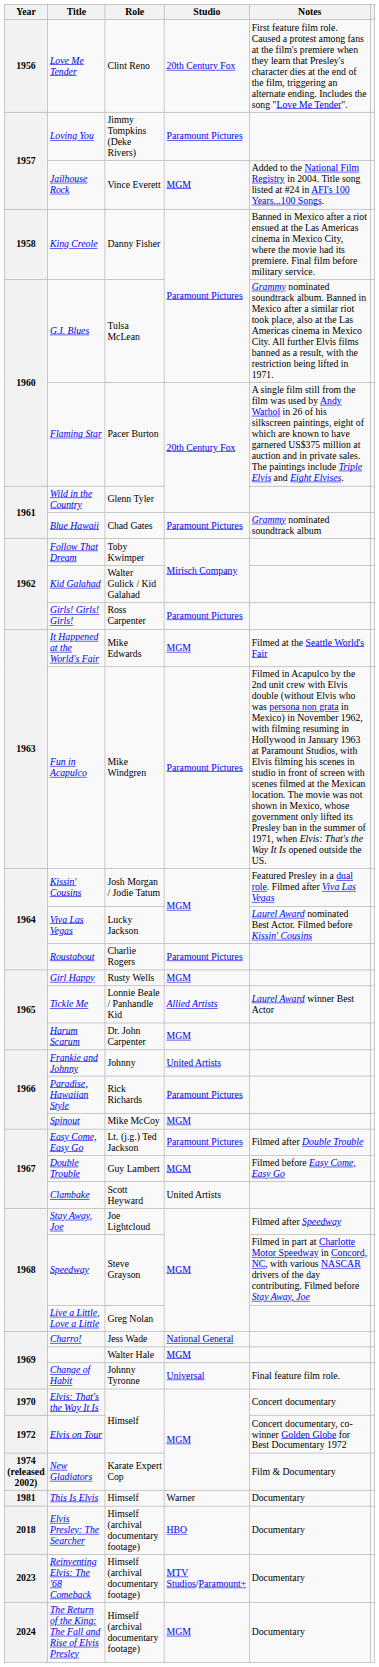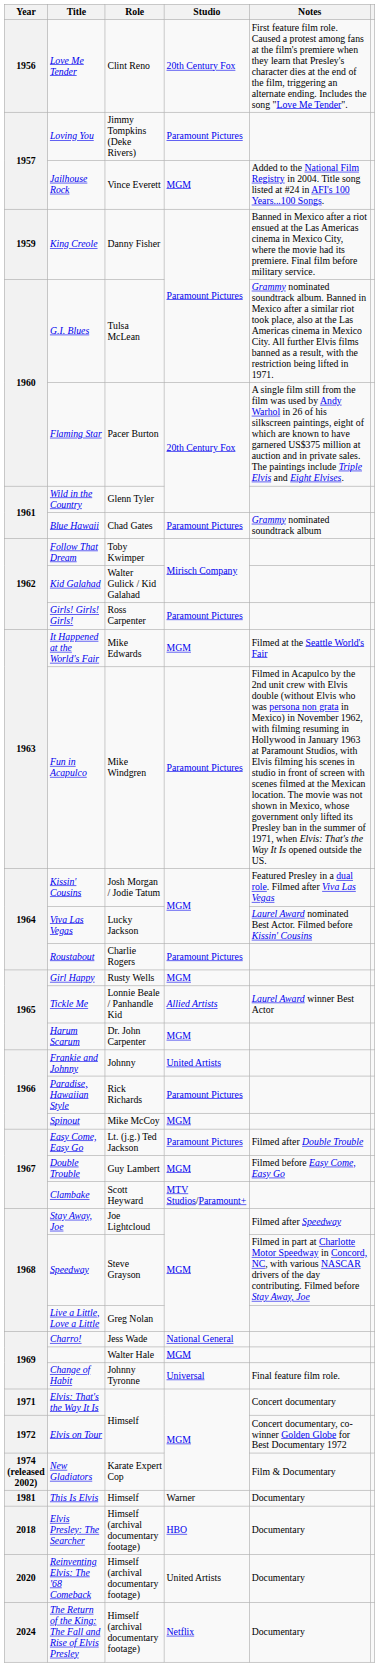 <table class="wikitable sortable plainrowheaders">
 <tr>
 <th scope="col">Year</th>
 <th scope="col">Title</th>
 <th scope="col" class="unsortable">Role</th>
 <th scope="col">Studio</th>
 <th scope="col" class="unsortable">Notes</th>
 <th scope="col" class="unsortable"></th>
 </tr>
 <tr>
 <th scope="row">1956</th>
 <td><em><a href='#'>Love Me Tender</a></em></td>
 <td>Clint Reno</td>
 <td><a href='#'>20th Century Fox</a></td>
 <td>First feature film role. Caused a protest among fans at the film's premiere when they learn that Presley's character dies at the end of the film, triggering an alternate ending. Includes the song "<a href='#'>Love Me Tender</a>".</td>
 <td align="center"></td>
 </tr>
 <tr>
 <th rowspan="2" scope="row">1957</th>
 <td><em><a href='#'>Loving You</a></em></td>
 <td>Jimmy Tompkins (Deke Rivers)</td>
 <td><a href='#'>Paramount Pictures</a></td>
 <td></td>
 <td align="center"></td>
 </tr>
 <tr>
 <td><em><a href='#'>Jailhouse Rock</a></em></td>
 <td>Vince Everett</td>
 <td><a href='#'>MGM</a></td>
 <td>Added to the <a href='#'>National Film Registry</a> in 2004. Title song listed at #24 in <a href='#'>AFI's 100 Years...100 Songs</a>.</td>
 <td align="center"></td>
 </tr>
 <tr>
-<th scope="row">1958</th>
+<th scope="row">1959</th>
 <td><em><a href='#'>King Creole</a></em></td>
 <td>Danny Fisher</td>
 <td rowspan="2"><a href='#'>Paramount Pictures</a></td>
 <td>Banned in Mexico after a riot ensued at the Las Americas cinema in Mexico City, where the movie had its premiere. Final film before military service.</td>
 <td align="center"></td>
 </tr>
 <tr>
 <th rowspan="2" scope="row">1960</th>
 <td><em><a href='#'>G.I. Blues</a></em></td>
 <td>Tulsa McLean</td>
 <td><em><a href='#'>Grammy</a></em> nominated soundtrack album. Banned in Mexico after a similar riot took place, also at the Las Americas cinema in Mexico City. All further Elvis films banned as a result, with the restriction being lifted in 1971.</td>
 <td align="center"></td>
 </tr>
 <tr>
 <td><em><a href='#'>Flaming Star</a></em></td>
 <td>Pacer Burton</td>
 <td rowspan="2"><a href='#'>20th Century Fox</a></td>
 <td>A single film still from the film was used by <a href='#'>Andy Warhol</a> in 26 of his silkscreen paintings, eight of which are known to have garnered US$375 million at auction and in private sales. The paintings include <em><a href='#'>Triple Elvis</a></em> and <em><a href='#'>Eight Elvises</a></em>.</td>
 <td align="center"></td>
 </tr>
 <tr>
 <th rowspan="2" scope="row">1961</th>
 <td><em><a href='#'>Wild in the Country</a></em></td>
 <td>Glenn Tyler</td>
 <td></td>
 <td align="center"></td>
 </tr>
 <tr>
 <td><em><a href='#'>Blue Hawaii</a></em></td>
 <td>Chad Gates</td>
 <td><a href='#'>Paramount Pictures</a></td>
 <td><em><a href='#'>Grammy</a></em> nominated soundtrack album</td>
 <td align="center"></td>
 </tr>
 <tr>
 <th rowspan="3" scope="row">1962</th>
 <td><em><a href='#'>Follow That Dream</a></em></td>
 <td>Toby Kwimper</td>
 <td rowspan="2"><a href='#'>Mirisch Company</a></td>
 <td></td>
 <td align="center"></td>
 </tr>
 <tr>
 <td><em><a href='#'>Kid Galahad</a></em></td>
 <td>Walter Gulick / Kid Galahad</td>
 <td></td>
 <td align="center"></td>
 </tr>
 <tr>
 <td><em><a href='#'>Girls! Girls! Girls!</a></em></td>
 <td>Ross Carpenter</td>
 <td><a href='#'>Paramount Pictures</a></td>
 <td></td>
 <td align="center"></td>
 </tr>
 <tr>
 <th rowspan="2" scope="row">1963</th>
 <td><em><a href='#'>It Happened at the World's Fair</a></em></td>
 <td>Mike Edwards</td>
 <td><a href='#'>MGM</a></td>
 <td>Filmed at the <a href='#'>Seattle World's Fair</a></td>
 <td align="center"></td>
 </tr>
 <tr>
 <td><em><a href='#'>Fun in Acapulco</a></em></td>
 <td>Mike Windgren</td>
 <td><a href='#'>Paramount Pictures</a></td>
 <td>Filmed in Acapulco by the 2nd unit crew with Elvis double (without Elvis who was <a href='#'>persona non grata</a> in Mexico) in November 1962, with filming resuming in Hollywood in January 1963 at Paramount Studios, with Elvis filming his scenes in studio in front of screen with scenes filmed at the Mexican location.  The movie was not shown in Mexico, whose government only lifted its Presley ban in the summer of 1971, when <em>Elvis: That's the Way It Is</em> opened outside the US.</td>
 <td align="center"></td>
 </tr>
 <tr>
 <th rowspan="3" scope="row">1964</th>
 <td><em><a href='#'>Kissin' Cousins</a></em></td>
 <td>Josh Morgan / Jodie Tatum</td>
 <td rowspan="2"><a href='#'>MGM</a></td>
 <td>Featured Presley in a <a href='#'>dual role</a>. Filmed after <em><a href='#'>Viva Las Vegas</a></em></td>
 <td align="center"></td>
 </tr>
 <tr>
 <td><em><a href='#'>Viva Las Vegas</a></em></td>
 <td>Lucky Jackson</td>
 <td><em><a href='#'>Laurel Award</a></em> nominated Best Actor. Filmed before <em><a href='#'>Kissin' Cousins</a></em></td>
 <td align="center"></td>
 </tr>
 <tr>
 <td><em><a href='#'>Roustabout</a></em></td>
 <td>Charlie Rogers</td>
 <td><a href='#'>Paramount Pictures</a></td>
 <td></td>
 <td align="center"></td>
 </tr>
 <tr>
 <th rowspan="3" scope="row">1965</th>
 <td><em><a href='#'>Girl Happy</a></em></td>
 <td>Rusty Wells</td>
 <td><a href='#'>MGM</a></td>
 <td></td>
 <td align="center"></td>
 </tr>
 <tr>
 <td><em><a href='#'>Tickle Me</a></em></td>
 <td>Lonnie Beale / Panhandle Kid</td>
 <td><em><a href='#'>Allied Artists</a></em></td>
 <td><em><a href='#'>Laurel Award</a></em> winner Best Actor</td>
 <td align="center"></td>
 </tr>
 <tr>
 <td><em><a href='#'>Harum Scarum</a></em></td>
 <td>Dr. John Carpenter</td>
 <td><a href='#'>MGM</a></td>
 <td></td>
 <td align="center"></td>
 </tr>
 <tr>
 <th rowspan="3" scope="row">1966</th>
 <td><em><a href='#'>Frankie and Johnny</a></em></td>
 <td>Johnny</td>
 <td><a href='#'>United Artists</a></td>
 <td></td>
 <td align="center"></td>
 </tr>
 <tr>
 <td><em><a href='#'>Paradise, Hawaiian Style</a></em></td>
 <td>Rick Richards</td>
 <td><a href='#'>Paramount Pictures</a></td>
 <td></td>
 <td align="center"></td>
 </tr>
 <tr>
 <td><em><a href='#'>Spinout</a></em></td>
 <td>Mike McCoy</td>
 <td><a href='#'>MGM</a></td>
 <td></td>
 <td align="center"></td>
 </tr>
 <tr>
 <th rowspan="3" scope="row">1967</th>
 <td><em><a href='#'>Easy Come, Easy Go</a></em></td>
 <td>Lt. (j.g.) Ted Jackson</td>
 <td><a href='#'>Paramount Pictures</a></td>
 <td>Filmed after <em><a href='#'>Double Trouble</a></em></td>
 <td align="center"></td>
 </tr>
 <tr>
 <td><em><a href='#'>Double Trouble</a></em></td>
 <td>Guy Lambert</td>
 <td><a href='#'>MGM</a></td>
 <td>Filmed before <em><a href='#'>Easy Come, Easy Go</a></em></td>
 <td align="center"></td>
 </tr>
 <tr>
 <td><em><a href='#'>Clambake</a></em></td>
 <td>Scott Heyward</td>
-<td>United Artists</td>
+<td><a href='#'>MTV Studios</a>/<a href='#'>Paramount+</a></td>
 <td></td>
 <td align="center"></td>
 </tr>
 <tr>
 <th rowspan="3" scope="row">1968</th>
 <td><em><a href='#'>Stay Away, Joe</a></em></td>
 <td>Joe Lightcloud</td>
 <td rowspan="3"><a href='#'>MGM</a></td>
 <td>Filmed after <em><a href='#'>Speedway</a></em></td>
 <td align="center"></td>
 </tr>
 <tr>
 <td><em><a href='#'>Speedway</a></em></td>
 <td>Steve Grayson</td>
 <td>Filmed in part at <a href='#'>Charlotte Motor Speedway</a> in <a href='#'>Concord, NC</a>, with various <a href='#'>NASCAR</a> drivers of the day contributing. Filmed before <em><a href='#'>Stay Away, Joe</a></em></td>
 <td align="center"></td>
 </tr>
 <tr>
 <td><em><a href='#'>Live a Little, Love a Little</a></em></td>
 <td>Greg Nolan</td>
 <td></td>
 <td align="center"></td>
 </tr>
 <tr>
 <th rowspan="3" scope="row">1969</th>
 <td><em><a href='#'>Charro!</a></em></td>
 <td>Jess Wade</td>
 <td><a href='#'>National General</a></td>
 <td></td>
 <td align="center"></td>
 </tr>
 <tr>
 <td><em></em></td>
 <td>Walter Hale</td>
 <td><a href='#'>MGM</a></td>
 <td></td>
 <td align="center"></td>
 </tr>
 <tr>
 <td><em><a href='#'>Change of Habit</a></em></td>
 <td>Johnny Tyronne</td>
 <td><a href='#'>Universal</a></td>
 <td>Final feature film role.</td>
 <td align="center"></td>
 </tr>
 <tr>
-<th scope="row">1970</th>
+<th scope="row">1971</th>
 <td><em><a href='#'>Elvis: That's the Way It Is</a></em></td>
 <td rowspan="2">Himself</td>
 <td rowspan="3"><a href='#'>MGM</a></td>
 <td>Concert documentary</td>
 <td align="center"></td>
 </tr>
 <tr>
 <th scope="row">1972</th>
 <td><em><a href='#'>Elvis on Tour</a></em></td>
 <td>Concert documentary, co-winner <a href='#'>Golden Globe</a> for Best Documentary 1972</td>
 <td align="center"></td>
 </tr>
 <tr>
 <th scope="row">1974 (released 2002)</th>
 <td><em><a href='#'>New Gladiators</a></em></td>
 <td rowspan="1">Karate Expert Cop</td>
 <td>Film & Documentary</td>
 <td align="center"></td>
 </tr>
 <tr>
 <th scope="row">1981</th>
 <td><em><a href='#'>This Is Elvis</a></em></td>
 <td>Himself</td>
 <td>Warner</td>
 <td>Documentary</td>
 <td align="center"></td>
 </tr>
 <tr>
 <th scope="row">2018</th>
 <td><em><a href='#'>Elvis Presley: The Searcher</a></em></td>
 <td>Himself (archival documentary footage)</td>
 <td><a href='#'>HBO</a></td>
 <td>Documentary</td>
 <td align="center"></td>
 </tr>
 <tr>
-<th scope="row">2023</th>
+<th scope="row">2020</th>
 <td><em><a href='#'>Reinventing Elvis: The '68 Comeback</a></em></td>
 <td>Himself (archival documentary footage)</td>
-<td><a href='#'>MTV Studios</a>/<a href='#'>Paramount+</a></td>
+<td>United Artists</td>
 <td>Documentary</td>
 <td align="center"></td>
 </tr>
 <tr>
 <th scope="row">2024</th>
 <td><em><a href='#'>The Return of the King: The Fall and Rise of Elvis Presley</a></em></td>
 <td>Himself (archival documentary footage)</td>
-<td><a href='#'>MGM</a></td>
+<td><a href='#'>Netflix</a></td>
 <td>Documentary</td>
 <td align="center"></td>
 </tr>
 </table>
